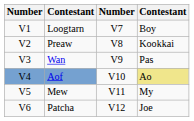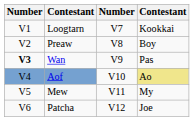 <table class="wikitable">
 <tr>
 <th>Number</th>
 <th>Contestant</th>
 <th>Number</th>
 <th>Contestant</th>
 </tr>
 <tr>
 <td style="text-align:center;">V1</td>
 <td>Loogtarn</td>
 <td style="text-align:center;">V7</td>
-<td>Boy</td>
+<td>Kookkai</td>
 </tr>
 <tr>
 <td style="text-align:center;">V2</td>
 <td>Preaw</td>
 <td style="text-align:center;">V8</td>
-<td>Kookkai</td>
+<td>Boy</td>
 </tr>
 <tr>
-<td style="text-align:center;">V3</td>
+<td style="text-align:center;"><strong>V3</strong></td>
 <td><a href='#'>Wan</a></td>
 <td style="text-align:center;">V9</td>
 <td>Pas</td>
 </tr>
 <tr>
 <td style="background:#75a1d0; text-align:center;">V4</td>
 <td style="background:#75a1d0;"><a href='#'>Aof</a></td>
 <td style="text-align:center;">V10</td>
 <td style="background: khaki;">Ao</td>
 </tr>
 <tr>
 <td style="text-align:center;">V5</td>
 <td>Mew</td>
 <td style="text-align:center;">V11</td>
 <td>My</td>
 </tr>
 <tr>
 <td style="text-align:center;">V6</td>
 <td>Patcha</td>
 <td style="text-align:center;">V12</td>
 <td>Joe</td>
 </tr>
 </table>
